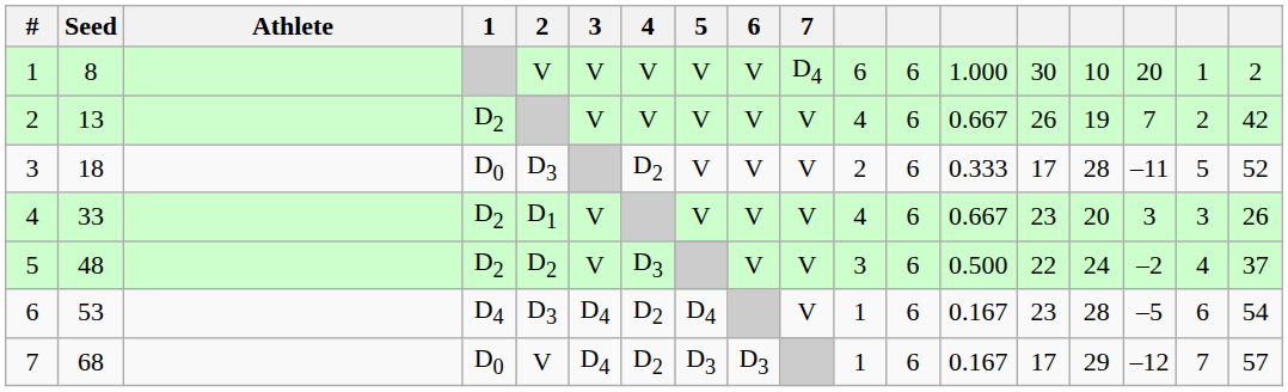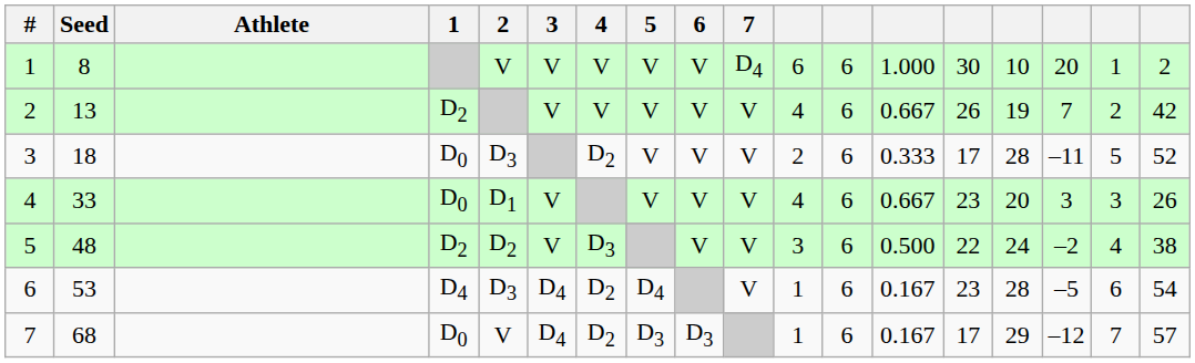 <table class="wikitable" style="text-align:center">
 <tr>
 <th width="25">#</th>
 <th width="25">Seed</th>
 <th width="200">Athlete</th>
 <th width="25">1</th>
 <th width="25">2</th>
 <th width="25">3</th>
 <th width="25">4</th>
 <th width="25">5</th>
 <th width="25">6</th>
 <th width="25">7</th>
 <th width="25"></th>
 <th width="25"></th>
 <th width="40"></th>
 <th width="25"></th>
 <th width="25"></th>
 <th width="25"></th>
 <th width="25"></th>
 <th width="25"></th>
 </tr>
 <tr bgcolor="#ccffcc">
 <td>1</td>
 <td>8</td>
 <td align=left></td>
 <td bgcolor="#cccccc"></td>
 <td>V</td>
 <td>V</td>
 <td>V</td>
 <td>V</td>
 <td>V</td>
 <td>D<sub>4</sub></td>
 <td>6</td>
 <td>6</td>
 <td>1.000</td>
 <td>30</td>
 <td>10</td>
 <td>20</td>
 <td>1</td>
 <td>2</td>
 </tr>
 <tr bgcolor="#ccffcc">
 <td>2</td>
 <td>13</td>
 <td align=left></td>
 <td>D<sub>2</sub></td>
 <td bgcolor="#cccccc"></td>
 <td>V</td>
 <td>V</td>
 <td>V</td>
 <td>V</td>
 <td>V</td>
 <td>4</td>
 <td>6</td>
 <td>0.667</td>
 <td>26</td>
 <td>19</td>
 <td>7</td>
 <td>2</td>
 <td>42</td>
 </tr>
 <tr>
 <td>3</td>
 <td>18</td>
 <td align=left></td>
 <td>D<sub>0</sub></td>
 <td>D<sub>3</sub></td>
 <td bgcolor="#cccccc"></td>
 <td>D<sub>2</sub></td>
 <td>V</td>
 <td>V</td>
 <td>V</td>
 <td>2</td>
 <td>6</td>
 <td>0.333</td>
 <td>17</td>
 <td>28</td>
 <td>–11</td>
 <td>5</td>
 <td>52</td>
 </tr>
 <tr bgcolor="#ccffcc">
 <td>4</td>
 <td>33</td>
 <td align=left></td>
-<td>D<sub>2</sub></td>
+<td>D<sub>0</sub></td>
 <td>D<sub>1</sub></td>
 <td>V</td>
 <td bgcolor="#cccccc"></td>
 <td>V</td>
 <td>V</td>
 <td>V</td>
 <td>4</td>
 <td>6</td>
 <td>0.667</td>
 <td>23</td>
 <td>20</td>
 <td>3</td>
 <td>3</td>
 <td>26</td>
 </tr>
 <tr bgcolor="#ccffcc">
 <td>5</td>
 <td>48</td>
 <td align=left></td>
 <td>D<sub>2</sub></td>
 <td>D<sub>2</sub></td>
 <td>V</td>
 <td>D<sub>3</sub></td>
 <td bgcolor="#cccccc"></td>
 <td>V</td>
 <td>V</td>
 <td>3</td>
 <td>6</td>
 <td>0.500</td>
 <td>22</td>
 <td>24</td>
 <td>–2</td>
 <td>4</td>
-<td>37</td>
+<td>38</td>
 </tr>
 <tr>
 <td>6</td>
 <td>53</td>
 <td align=left></td>
 <td>D<sub>4</sub></td>
 <td>D<sub>3</sub></td>
 <td>D<sub>4</sub></td>
 <td>D<sub>2</sub></td>
 <td>D<sub>4</sub></td>
 <td bgcolor="#cccccc"></td>
 <td>V</td>
 <td>1</td>
 <td>6</td>
 <td>0.167</td>
 <td>23</td>
 <td>28</td>
 <td>–5</td>
 <td>6</td>
 <td>54</td>
 </tr>
 <tr>
 <td>7</td>
 <td>68</td>
 <td align=left></td>
 <td>D<sub>0</sub></td>
 <td>V</td>
 <td>D<sub>4</sub></td>
 <td>D<sub>2</sub></td>
 <td>D<sub>3</sub></td>
 <td>D<sub>3</sub></td>
 <td bgcolor="#cccccc"></td>
 <td>1</td>
 <td>6</td>
 <td>0.167</td>
 <td>17</td>
 <td>29</td>
 <td>–12</td>
 <td>7</td>
 <td>57</td>
 </tr>
 </table>
